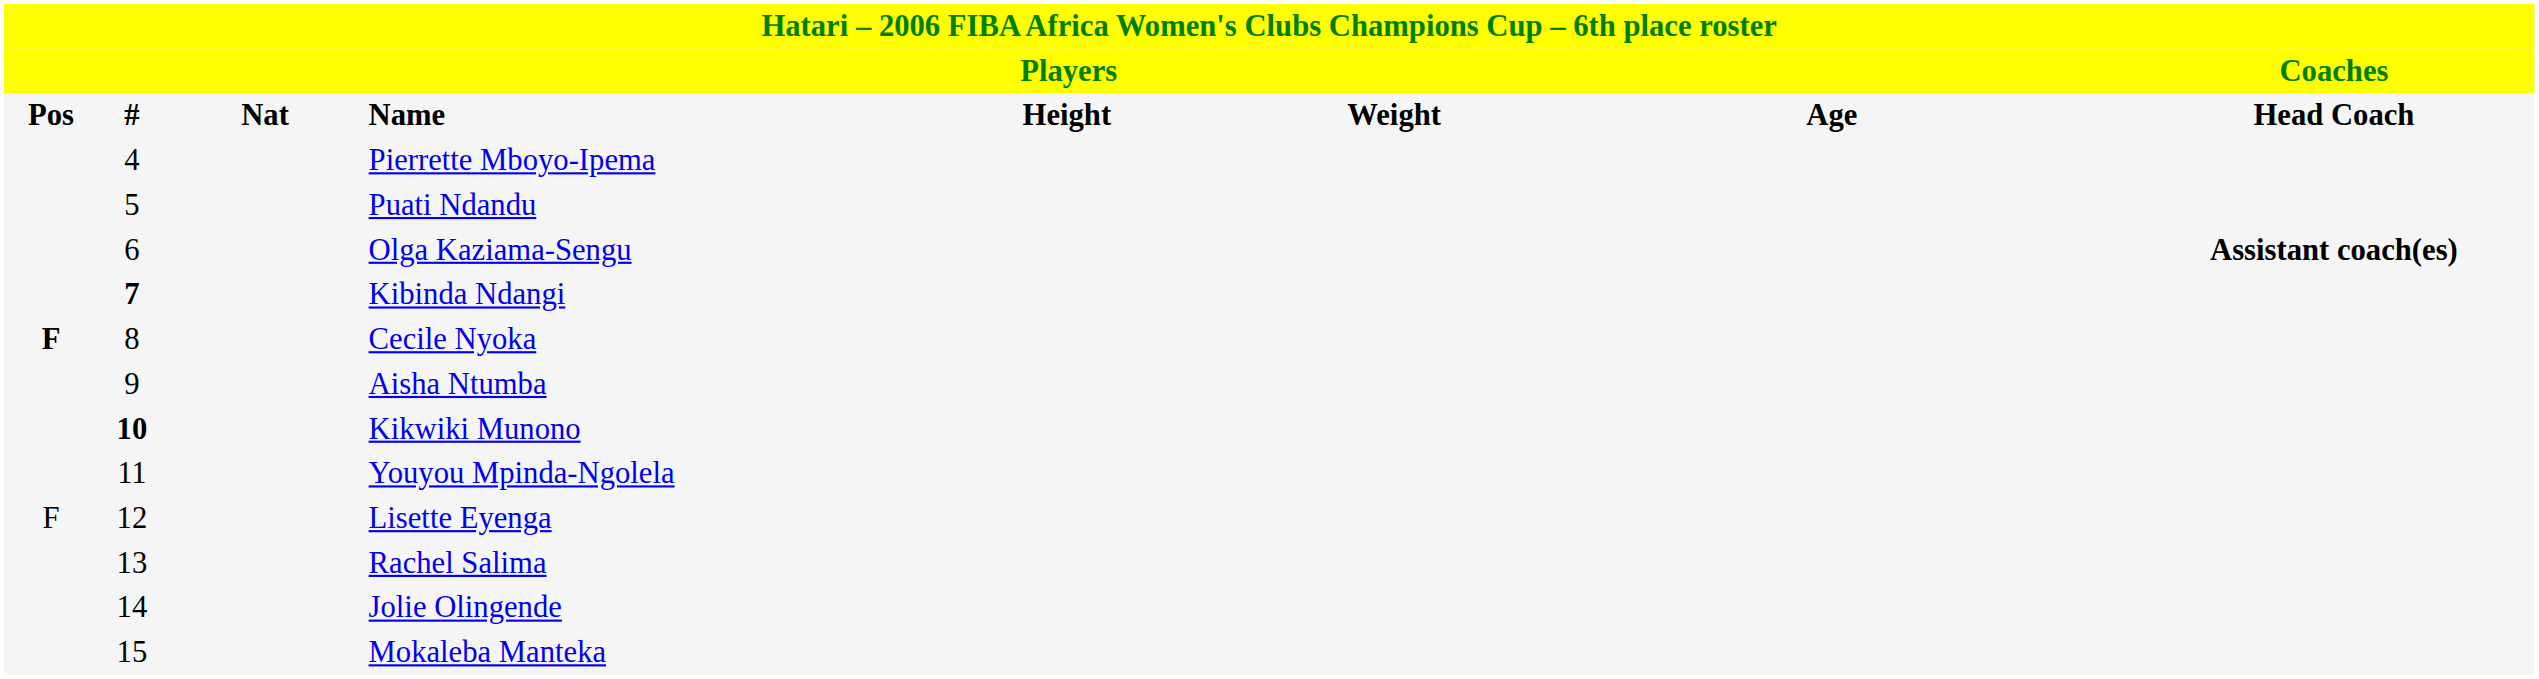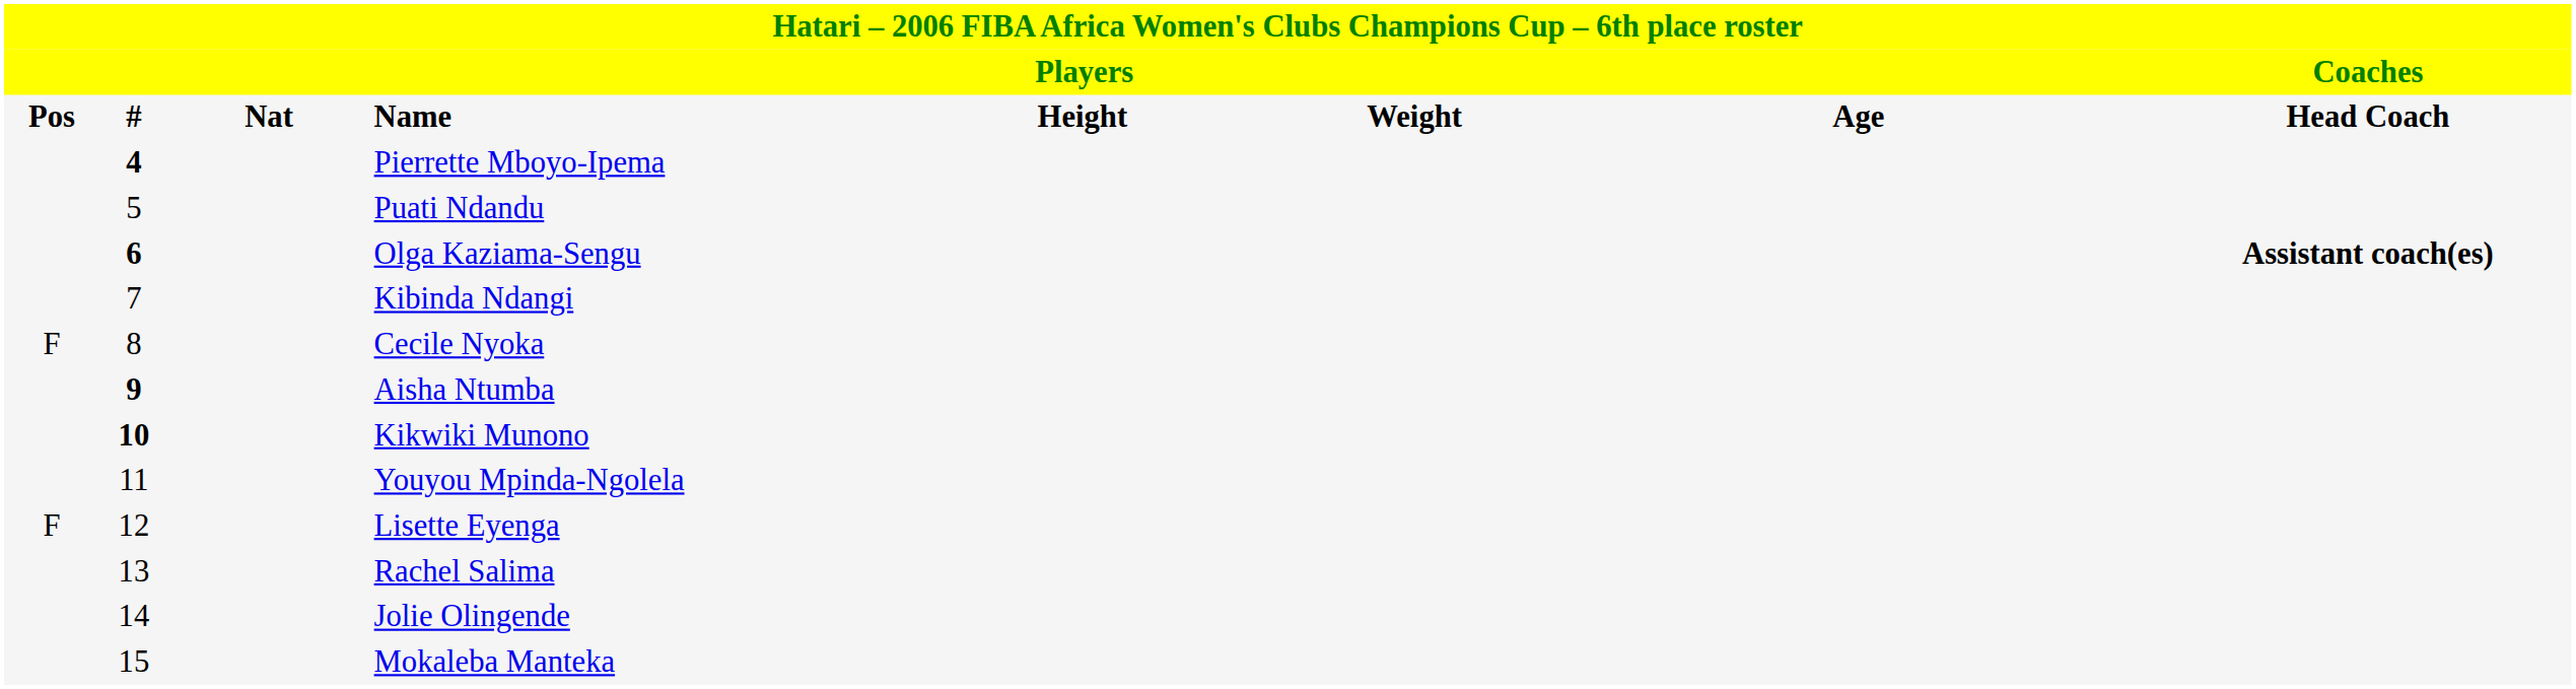 <table border=0 cellpadding=2 cellspacing=0  |- bgcolor=#f5f5f5 style="text-align:center; font-size:90%;" width=75%>
 <tr>
 <td colspan="8" style="background: yellow; color: green"><strong>Hatari – 2006 FIBA Africa Women's Clubs Champions Cup – 6th place roster</strong></td>
 </tr>
 <tr>
 <td colspan="7" style="background: yellow; color: green"><strong>Players</strong></td>
 <td style="background: yellow; color: green"><strong>Coaches</strong></td>
 </tr>
 <tr style="background=#f5f5f5; color: black">
 <th width=5px>Pos</th>
 <th width=5px>#</th>
 <th width=50px>Nat</th>
 <th width=135px align=left>Name</th>
 <th width=100px>Height</th>
 <th width=70px>Weight</th>
 <th width=160px>Age</th>
 <th width=105px>Head Coach</th>
 </tr>
 <tr>
 <td></td>
-<td>4</td>
+<td><strong>4</strong></td>
 <td></td>
 <td align=left><a href='#'>Pierrette Mboyo-Ipema</a></td>
 <td></td>
 <td></td>
 <td><span></span></td>
 <td></td>
 </tr>
 <tr>
 <td></td>
 <td>5</td>
 <td></td>
 <td align=left><a href='#'>Puati Ndandu</a></td>
 <td></td>
 <td></td>
 <td><span></span></td>
 </tr>
 <tr>
 <td></td>
-<td>6</td>
+<td><strong>6</strong></td>
 <td></td>
 <td align=left><a href='#'>Olga Kaziama-Sengu</a></td>
 <td></td>
 <td></td>
 <td><span></span></td>
 <td><strong>Assistant coach(es)</strong></td>
 </tr>
 <tr>
 <td></td>
-<td><strong>7</strong></td>
+<td>7</td>
 <td></td>
 <td align=left><a href='#'>Kibinda Ndangi</a></td>
 <td></td>
 <td></td>
 <td><span></span></td>
 <td></td>
 </tr>
 <tr>
-<td><strong>F</strong></td>
+<td>F</td>
 <td>8</td>
 <td></td>
 <td align=left><a href='#'>Cecile Nyoka</a></td>
 <td><span></span></td>
 <td></td>
 <td><span></span></td>
 <td></td>
 </tr>
 <tr>
 <td></td>
-<td>9</td>
+<td><strong>9</strong></td>
 <td></td>
 <td align=left><a href='#'>Aisha Ntumba</a></td>
 <td></td>
 <td></td>
 <td><span></span></td>
 </tr>
 <tr>
 <td></td>
 <td><strong>10</strong></td>
 <td></td>
 <td align=left><a href='#'>Kikwiki Munono</a></td>
 <td></td>
 <td></td>
 <td><span></span></td>
 </tr>
 <tr>
 <td></td>
 <td>11</td>
 <td></td>
 <td align=left><a href='#'>Youyou Mpinda-Ngolela</a></td>
 <td></td>
 <td></td>
 <td><span></span></td>
 </tr>
 <tr>
 <td>F</td>
 <td>12</td>
 <td></td>
 <td align=left><a href='#'>Lisette Eyenga</a></td>
 <td><span></span></td>
 <td></td>
 <td><span></span></td>
 </tr>
 <tr>
 <td></td>
 <td>13</td>
 <td></td>
 <td align=left><a href='#'>Rachel Salima</a></td>
 <td></td>
 <td></td>
 <td><span></span></td>
 </tr>
 <tr>
 <td></td>
 <td>14</td>
 <td></td>
 <td align=left><a href='#'>Jolie Olingende</a></td>
 <td></td>
 <td></td>
 <td><span></span></td>
 </tr>
 <tr>
 <td></td>
 <td>15</td>
 <td></td>
 <td align=left><a href='#'>Mokaleba Manteka</a></td>
 <td></td>
 <td></td>
 <td><span></span></td>
 </tr>
 </table>
